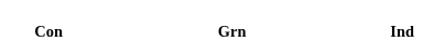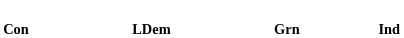 <table style="width:60%; text-align:center;">
 <tr style="color:white;">
 <td style="background:"><strong>32</strong></td>
+<td style="background:"><strong>13</strong></td>
 <td style="background:"><strong>2</strong></td>
 <td style="background:"><strong>1</strong></td>
 </tr>
 <tr>
 <td><span><strong>Con</strong></span></td>
+<td><span><strong>LDem</strong></span></td>
 <td><span><strong>Grn</strong></span></td>
 <td><span><strong>Ind</strong></span></td>
 </tr>
 </table>
